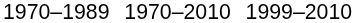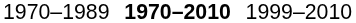 <table class="whitetable" style="text-align:center">
 <tr>
 <td width="32%"></td>
 <td width="2%"></td>
 <td width="32%"></td>
 <td width="2%"></td>
 <td width="32%"></td>
 </tr>
 <tr>
 <td>1970–1989</td>
 <td></td>
-<td>1970–2010</td>
+<td><strong>1970–2010</strong></td>
 <td></td>
 <td>1999–2010</td>
 </tr>
 </table>
